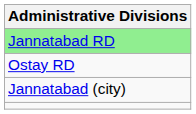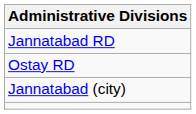 <table class="wikitable">
 <tr>
 <th>Administrative Divisions</th>
 </tr>
 <tr>
-<td style="background: lightgreen;"><a href='#'>Jannatabad RD</a></td>
+<td><a href='#'>Jannatabad RD</a></td>
 </tr>
 <tr>
 <td><a href='#'>Ostay RD</a></td>
 </tr>
 <tr>
 <td><a href='#'>Jannatabad</a> (city)</td>
 </tr>
 <tr>
 <td colspan=1></td>
 </tr>
 </table>
